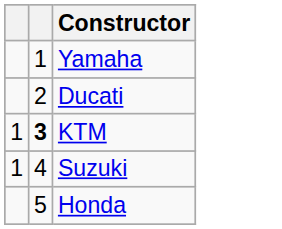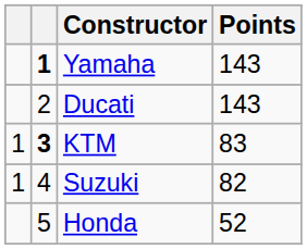 <table class="wikitable" style="font-size: 85%;">
 <tr>
 <th></th>
 <th></th>
 <th>Constructor</th>
+<th>Points</th>
 </tr>
 <tr>
 <td></td>
-<td align=center>1</td>
+<td align=center><strong>1</strong></td>
 <td> <a href='#'>Yamaha</a></td>
+<td align=left>143</td>
 </tr>
 <tr>
 <td></td>
 <td align=center>2</td>
 <td> <a href='#'>Ducati</a></td>
+<td align=left>143</td>
 </tr>
 <tr>
 <td> 1</td>
 <td align=center><strong>3</strong></td>
 <td> <a href='#'>KTM</a></td>
+<td align=left>83</td>
 </tr>
 <tr>
 <td> 1</td>
 <td align=center>4</td>
 <td> <a href='#'>Suzuki</a></td>
+<td align=left>82</td>
 </tr>
 <tr>
 <td></td>
 <td align=center>5</td>
 <td> <a href='#'>Honda</a></td>
+<td align=left>52</td>
 </tr>
 </table>
